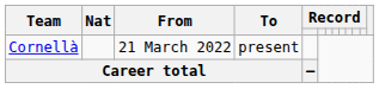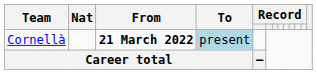 <table class="wikitable" style="text-align: center">
 <tr>
 <th rowspan="2">Team</th>
 <th rowspan="2">Nat</th>
 <th rowspan="2">From</th>
 <th rowspan="2">To</th>
 <th colspan="8">Record</th>
 <th rowspan=2></th>
 </tr>
 <tr>
 <th></th>
 <th></th>
 <th></th>
 <th></th>
 <th></th>
 <th></th>
 <th></th>
 <th></th>
 </tr>
 <tr>
 <td align="left"><a href='#'>Cornellà</a></td>
 <td></td>
-<td align=left>21 March 2022</td>
-<td align=left>present<br></td>
+<td align=left><strong>21 March 2022</strong></td>
+<td align=left style="background: lightblue;">present<br></td>
 <td></td>
 </tr>
 <tr>
 <th colspan="4">Career total<br></th>
 <th>—</th>
 </tr>
 </table>
